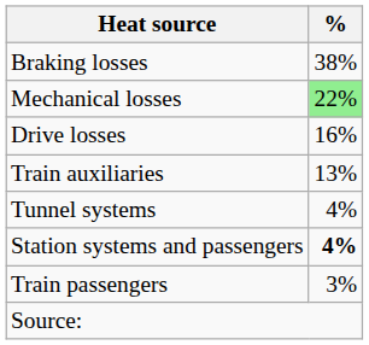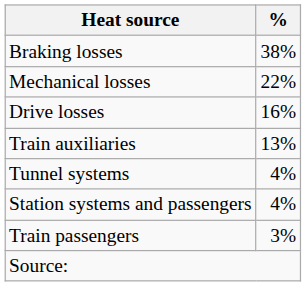 <table class=wikitable style="text-align:right; float:right">
 <tr>
 <th>Heat source</th>
 <th>%</th>
 </tr>
 <tr>
 <td align=left>Braking losses</td>
 <td>38%</td>
 </tr>
 <tr>
 <td align=left>Mechanical losses</td>
-<td style="background: lightgreen;">22%</td>
+<td>22%</td>
 </tr>
 <tr>
 <td align=left>Drive losses</td>
 <td>16%</td>
 </tr>
 <tr>
 <td align=left>Train auxiliaries</td>
 <td>13%</td>
 </tr>
 <tr>
 <td align=left>Tunnel systems</td>
 <td>4%</td>
 </tr>
 <tr>
 <td align=left>Station systems and passengers</td>
-<td><strong>4%</strong></td>
+<td>4%</td>
 </tr>
 <tr>
 <td align=left>Train passengers</td>
 <td>3%</td>
 </tr>
 <tr>
 <td colspan=2 align=left>Source: </td>
 </tr>
 </table>
